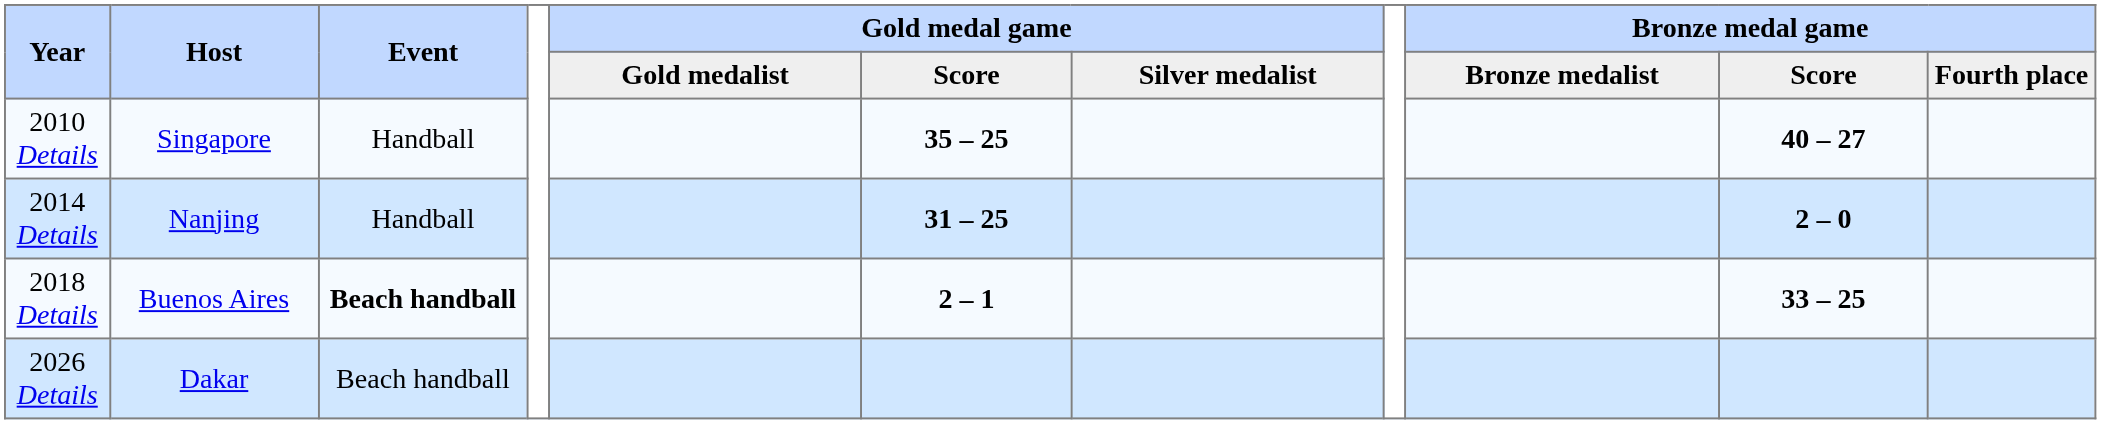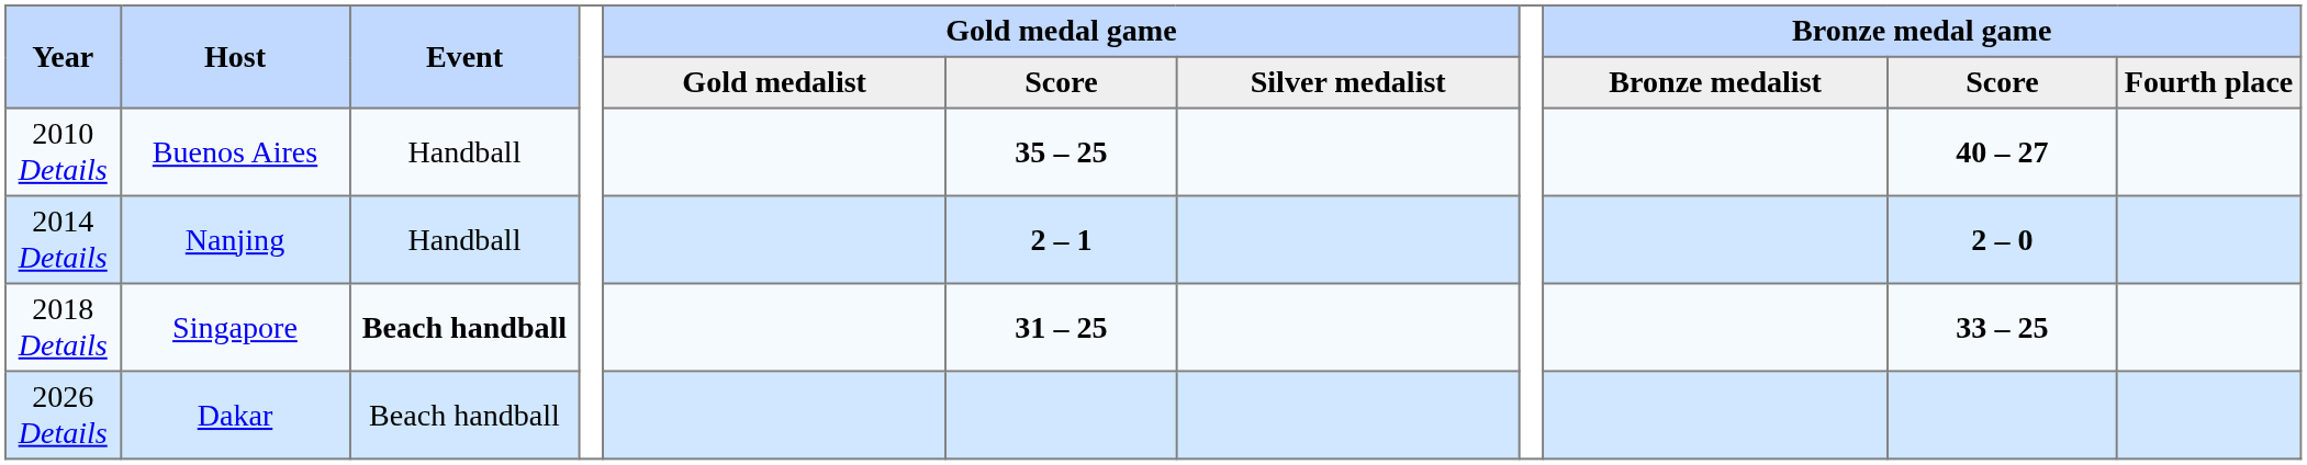 <table border=1 style="border-collapse:collapse; font-size:90%; text-align:center;" cellpadding=3 cellspacing=0>
 <tr bgcolor=#C1D8FF>
 <th rowspan=2 width=5%>Year</th>
 <th rowspan=2 width=10%>Host</th>
 <th rowspan=2 width=10%>Event</th>
 <th width=1% rowspan=100 bgcolor=ffffff></th>
 <th colspan=3>Gold medal game</th>
 <th width=1% rowspan=100 bgcolor=ffffff></th>
 <th colspan=3>Bronze medal game</th>
 </tr>
 <tr bgcolor=#EFEFEF>
 <th width=15%>Gold medalist</th>
 <th width=10%>Score</th>
 <th width=15%>Silver medalist</th>
 <th width=15%>Bronze medalist</th>
 <th width=10%>Score</th>
 <th width=15%>Fourth place</th>
 </tr>
 <tr bgcolor=#F5FAFF>
 <td>2010<br><em><a href='#'>Details</a></em></td>
-<td><a href='#'>Singapore</a></td>
+<td><a href='#'>Buenos Aires</a></td>
 <td>Handball</td>
 <td><strong></strong></td>
 <td><strong>35 – 25</strong></td>
 <td></td>
 <td></td>
 <td><strong>40 – 27</strong></td>
 <td></td>
 </tr>
 <tr bgcolor=#D0E7FF>
 <td>2014<br><em><a href='#'>Details</a></em></td>
 <td><a href='#'>Nanjing</a></td>
 <td>Handball</td>
 <td><strong></strong></td>
-<td><strong>31 – 25</strong></td>
+<td><strong>2 – 1</strong></td>
 <td></td>
 <td></td>
 <td><strong>2 – 0</strong></td>
 <td></td>
 </tr>
 <tr bgcolor=#F5FAFF>
 <td>2018<br><em><a href='#'>Details</a></em></td>
-<td><a href='#'>Buenos Aires</a></td>
+<td><a href='#'>Singapore</a></td>
 <td><strong>Beach handball</strong></td>
 <td><strong></strong></td>
-<td><strong>2 – 1</strong></td>
+<td><strong>31 – 25</strong></td>
 <td></td>
 <td></td>
 <td><strong>33 – 25</strong></td>
 <td></td>
 </tr>
 <tr bgcolor=#D0E7FF>
 <td>2026<br><em><a href='#'>Details</a></em></td>
 <td><a href='#'>Dakar</a></td>
 <td>Beach handball</td>
 <td></td>
 <td></td>
 <td></td>
 <td></td>
 <td></td>
 <td></td>
 </tr>
 </table>
